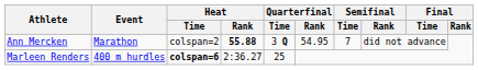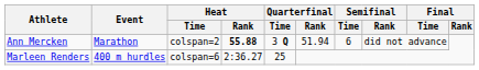 <table class=wikitable style=font-size:90%;text-align:center>
 <tr>
 <th rowspan=2>Athlete</th>
 <th rowspan=2>Event</th>
 <th colspan=2>Heat</th>
 <th colspan=2>Quarterfinal</th>
 <th colspan=2>Semifinal</th>
 <th colspan=2>Final</th>
 </tr>
 <tr style=font-size:95%>
 <th>Time</th>
 <th>Rank</th>
 <th>Time</th>
 <th>Rank</th>
 <th>Time</th>
 <th>Rank</th>
 <th>Time</th>
 <th>Rank</th>
 </tr>
 <tr>
 <td align=left><a href='#'>Ann Mercken</a></td>
 <td align=left><a href='#'>Marathon</a></td>
 <td>colspan=2 </td>
 <td><strong>55.88</strong></td>
 <td>3 <strong>Q</strong></td>
-<td>54.95</td>
-<td>7</td>
+<td>51.94</td>
+<td>6</td>
 <td colspan=2>did not advance</td>
 </tr>
 <tr>
 <td align=left><a href='#'>Marleen Renders</a></td>
 <td align=left><a href='#'>400 m hurdles</a></td>
-<td><strong>colspan=6  </strong></td>
+<td>colspan=6  </td>
 <td>2:36.27</td>
 <td>25</td>
 </tr>
 </table>
